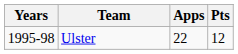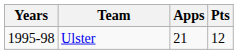 <table class="wikitable" style="text-align:left;">
 <tr>
 <th>Years</th>
 <th width=120px>Team</th>
 <th>Apps</th>
 <th>Pts</th>
 </tr>
 <tr>
 <td>1995-98</td>
 <td><a href='#'>Ulster</a></td>
-<td>22</td>
+<td>21</td>
 <td>12</td>
 </tr>
 </table>
